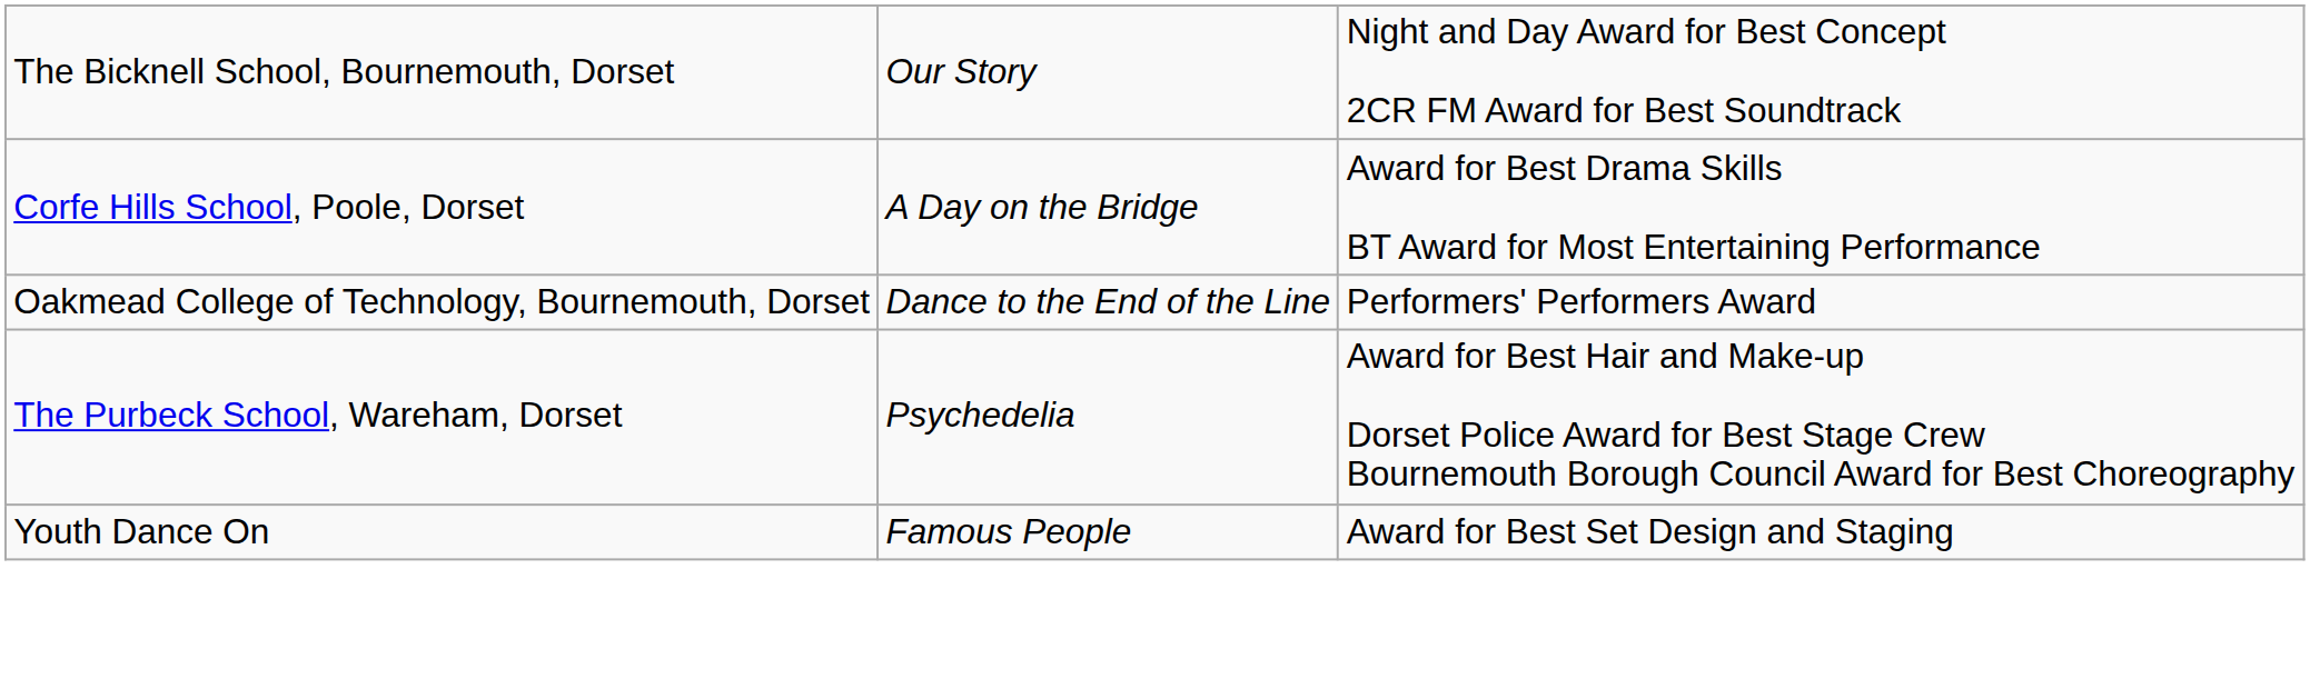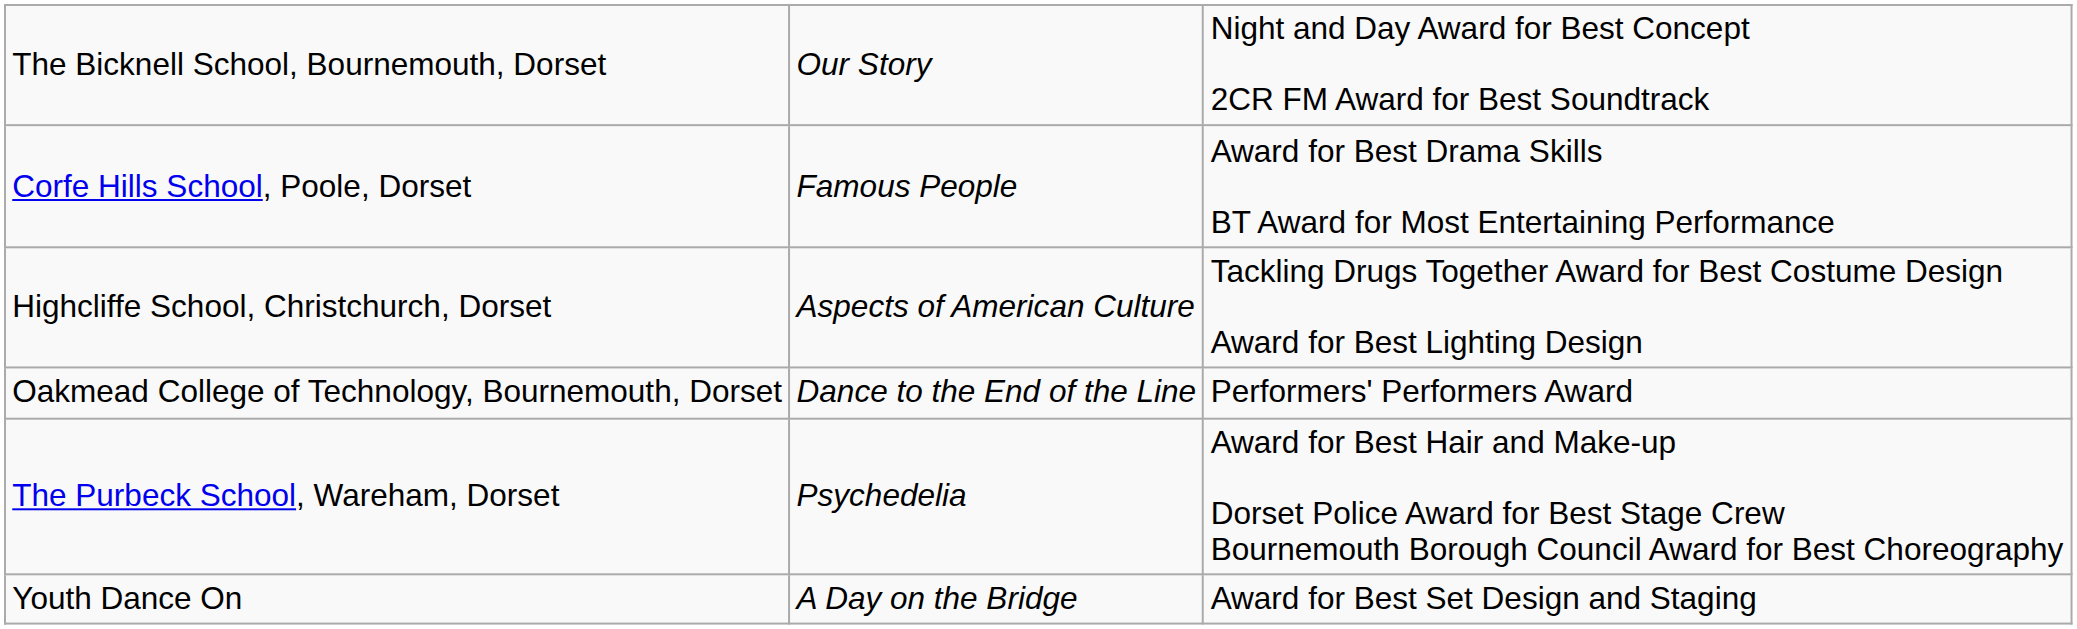 <table class="wikitable">
 <tr>
 <td>The Bicknell School, Bournemouth, Dorset</td>
 <td><em>Our Story</em></td>
 <td>Night and Day Award for Best Concept<br><br>2CR FM Award for Best Soundtrack</td>
 </tr>
 <tr>
 <td><a href='#'>Corfe Hills School</a>, Poole, Dorset</td>
-<td><em>A Day on the Bridge</em></td>
+<td><em>Famous People</em></td>
 <td>Award for Best Drama Skills<br><br>BT Award for Most Entertaining Performance</td>
+</tr>
+<tr>
+<td>Highcliffe School, Christchurch, Dorset</td>
+<td><em>Aspects of American Culture</em></td>
+<td>Tackling Drugs Together Award for Best Costume Design<br><br>Award for Best Lighting Design</td>
 </tr>
 <tr>
 <td>Oakmead College of Technology, Bournemouth, Dorset</td>
 <td><em>Dance to the End of the Line</em></td>
 <td>Performers' Performers Award</td>
 </tr>
 <tr>
 <td><a href='#'>The Purbeck School</a>, Wareham, Dorset</td>
 <td><em>Psychedelia</em></td>
 <td>Award for Best Hair and Make-up<br><br>Dorset Police Award for Best Stage Crew<br> Bournemouth Borough Council Award for Best Choreography</td>
 </tr>
 <tr>
 <td>Youth Dance On</td>
-<td><em>Famous People</em></td>
+<td><em>A Day on the Bridge</em></td>
 <td>Award for Best Set Design and Staging</td>
 </tr>
 </table>
